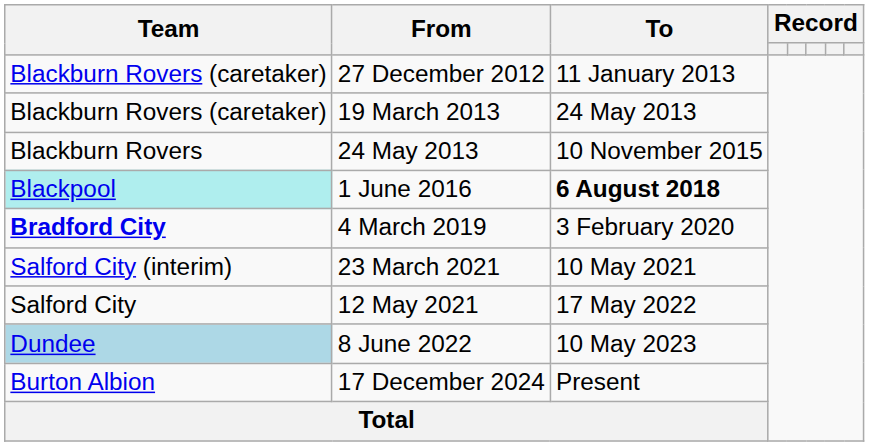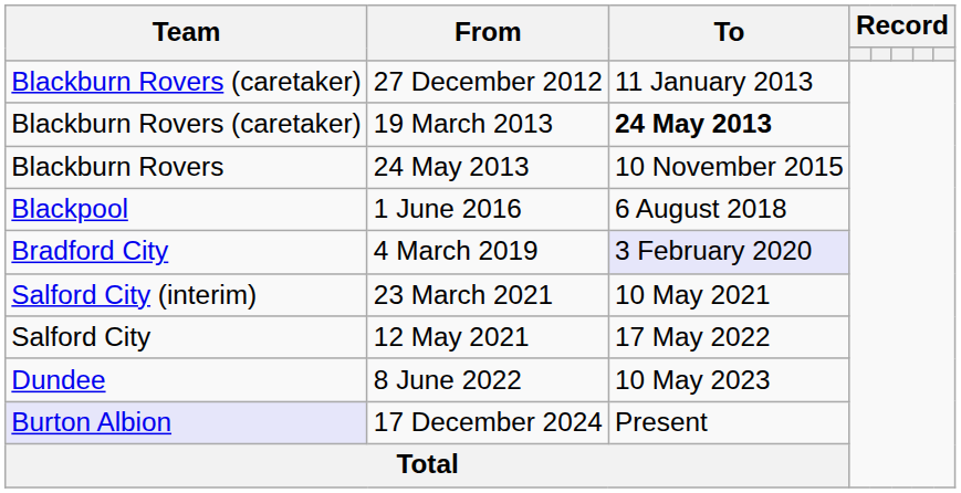 <table class=wikitable style="text-align: center">
 <tr>
 <th rowspan=2>Team</th>
 <th rowspan=2>From</th>
 <th rowspan=2>To</th>
 <th colspan=5>Record</th>
 </tr>
 <tr>
 <th></th>
 <th></th>
 <th></th>
 <th></th>
 <th></th>
 </tr>
 <tr>
 <td align=left><a href='#'>Blackburn Rovers</a> (caretaker)</td>
 <td align=left>27 December 2012</td>
 <td align=left>11 January 2013<br></td>
 </tr>
 <tr>
 <td align=left>Blackburn Rovers (caretaker)</td>
 <td align=left>19 March 2013</td>
-<td align=left>24 May 2013<br></td>
+<td align=left><strong>24 May 2013<br></strong></td>
 </tr>
 <tr>
 <td align=left>Blackburn Rovers</td>
 <td align=left>24 May 2013</td>
 <td align=left>10 November 2015<br></td>
 </tr>
 <tr>
-<td align=left style="background: paleturquoise;"><a href='#'>Blackpool</a></td>
+<td align=left><a href='#'>Blackpool</a></td>
 <td align=left>1 June 2016</td>
-<td align=left><strong>6 August 2018<br></strong></td>
+<td align=left>6 August 2018<br></td>
 </tr>
 <tr>
-<td align=left><strong><a href='#'>Bradford City</a></strong></td>
+<td align=left><a href='#'>Bradford City</a></td>
 <td align=left>4 March 2019</td>
-<td align=left>3 February 2020<br></td>
+<td align=left style="background: lavender;">3 February 2020<br></td>
 </tr>
 <tr>
 <td align=left><a href='#'>Salford City</a> (interim)</td>
 <td align=left>23 March 2021</td>
 <td align=left>10 May 2021<br></td>
 </tr>
 <tr>
 <td align=left>Salford City</td>
 <td align=left>12 May 2021</td>
 <td align=left>17 May 2022<br></td>
 </tr>
 <tr>
-<td align=left style="background: lightblue;"><a href='#'>Dundee</a></td>
+<td align=left><a href='#'>Dundee</a></td>
 <td align=left>8 June 2022</td>
 <td align=left>10 May 2023<br></td>
 </tr>
 <tr>
-<td align=left><a href='#'>Burton Albion</a></td>
+<td align=left style="background: lavender;"><a href='#'>Burton Albion</a></td>
 <td align=left>17 December 2024</td>
 <td align=left>Present<br></td>
 </tr>
 <tr>
 <th colspan=3>Total<br></th>
 </tr>
 </table>
